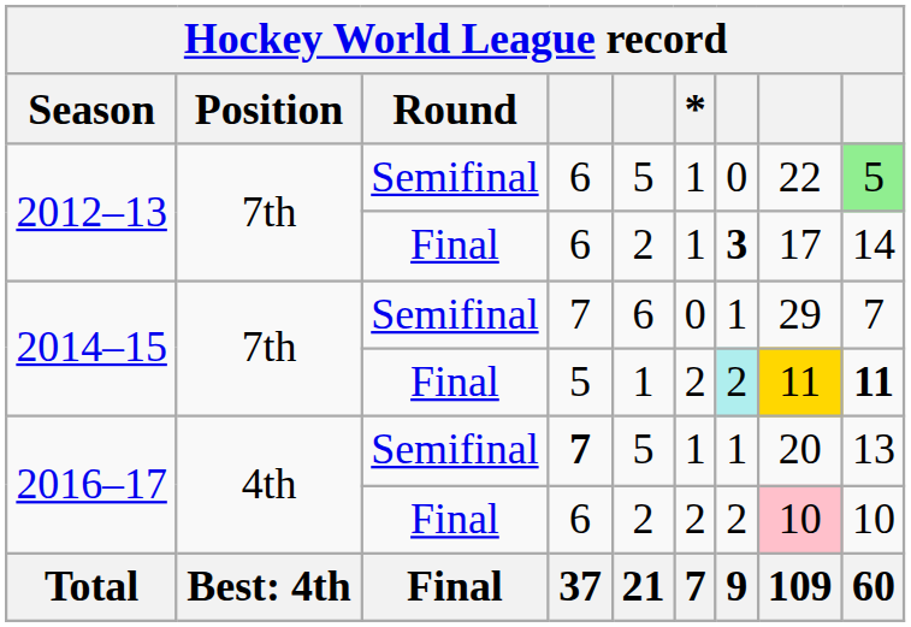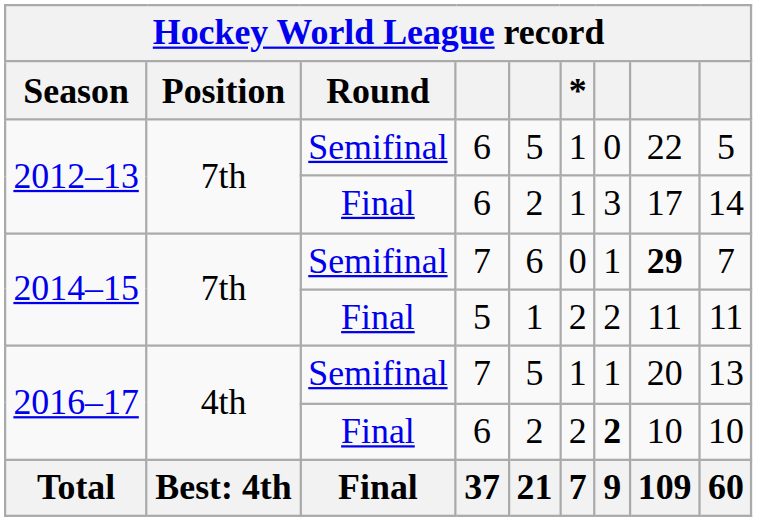 <table class="wikitable" style="text-align: center;">
 <tr>
 <th colspan=9><a href='#'>Hockey World League</a> record</th>
 </tr>
 <tr>
 <th>Season</th>
 <th>Position</th>
 <th>Round</th>
 <th></th>
 <th></th>
 <th> *</th>
 <th></th>
 <th></th>
 <th></th>
 </tr>
 <tr>
 <td rowspan=2><a href='#'>2012–13</a></td>
 <td rowspan=2>7th</td>
 <td><a href='#'>Semifinal</a></td>
 <td>6</td>
 <td>5</td>
 <td>1</td>
 <td>0</td>
 <td>22</td>
-<td style="background: lightgreen;">5</td>
+<td>5</td>
 </tr>
 <tr>
 <td><a href='#'>Final</a></td>
 <td>6</td>
 <td>2</td>
 <td>1</td>
-<td><strong>3</strong></td>
+<td>3</td>
 <td>17</td>
 <td>14</td>
 </tr>
 <tr>
 <td rowspan=2><a href='#'>2014–15</a></td>
 <td rowspan=2>7th</td>
 <td><a href='#'>Semifinal</a></td>
 <td>7</td>
 <td>6</td>
 <td>0</td>
 <td>1</td>
-<td>29</td>
+<td><strong>29</strong></td>
 <td>7</td>
 </tr>
 <tr>
 <td><a href='#'>Final</a></td>
 <td>5</td>
 <td>1</td>
 <td>2</td>
-<td style="background: paleturquoise;">2</td>
-<td style="background: gold;">11</td>
-<td><strong>11</strong></td>
+<td>2</td>
+<td>11</td>
+<td>11</td>
 </tr>
 <tr>
 <td rowspan=2><a href='#'>2016–17</a></td>
 <td rowspan=2>4th</td>
 <td><a href='#'>Semifinal</a></td>
-<td><strong>7</strong></td>
+<td>7</td>
 <td>5</td>
 <td>1</td>
 <td>1</td>
 <td>20</td>
 <td>13</td>
 </tr>
 <tr>
 <td><a href='#'>Final</a></td>
 <td>6</td>
 <td>2</td>
 <td>2</td>
-<td>2</td>
-<td style="background: pink;">10</td>
+<td><strong>2</strong></td>
+<td>10</td>
 <td>10</td>
 </tr>
 <tr>
 <th>Total</th>
 <th>Best: 4th</th>
 <th>Final</th>
 <th>37</th>
 <th>21</th>
 <th>7</th>
 <th>9</th>
 <th>109</th>
 <th>60</th>
 </tr>
 </table>
